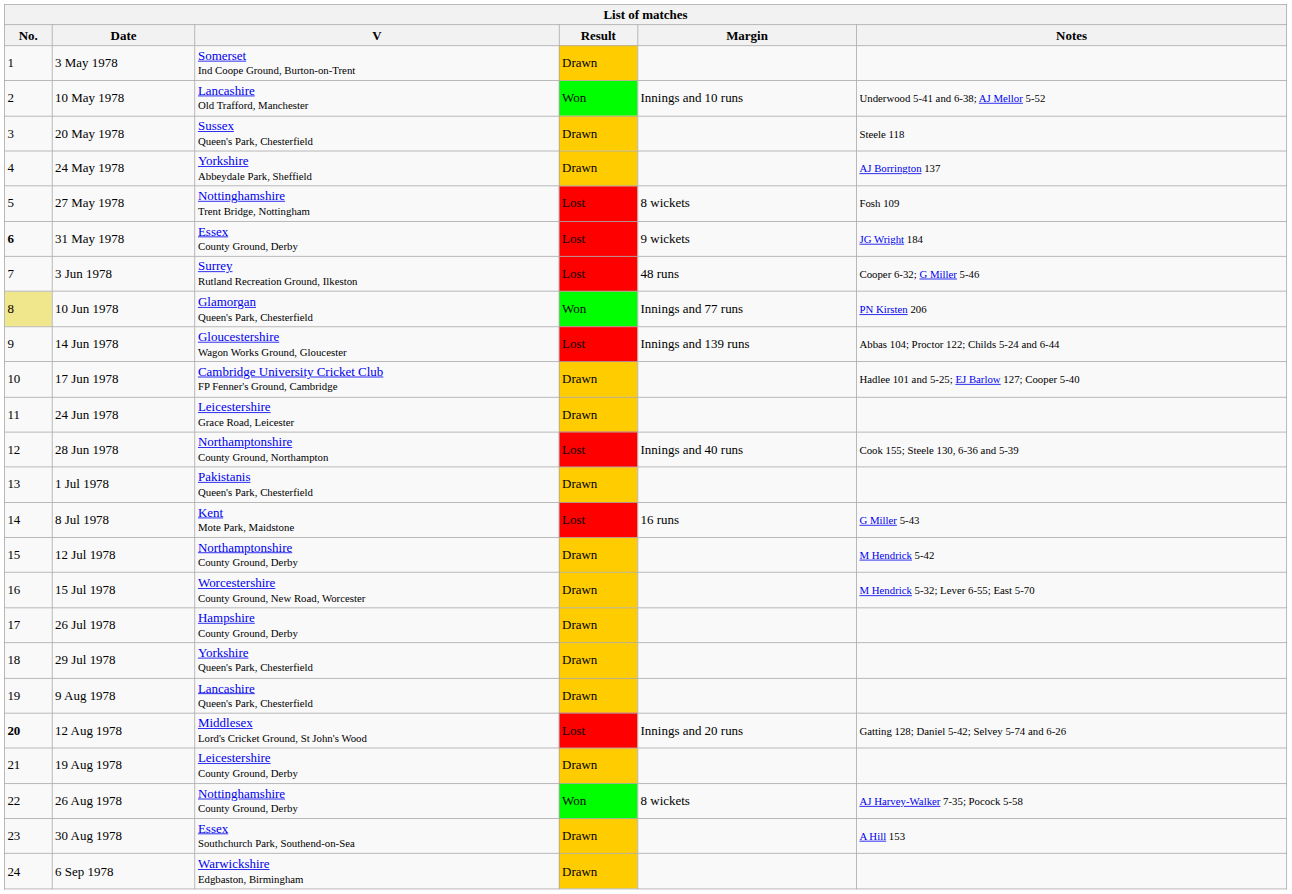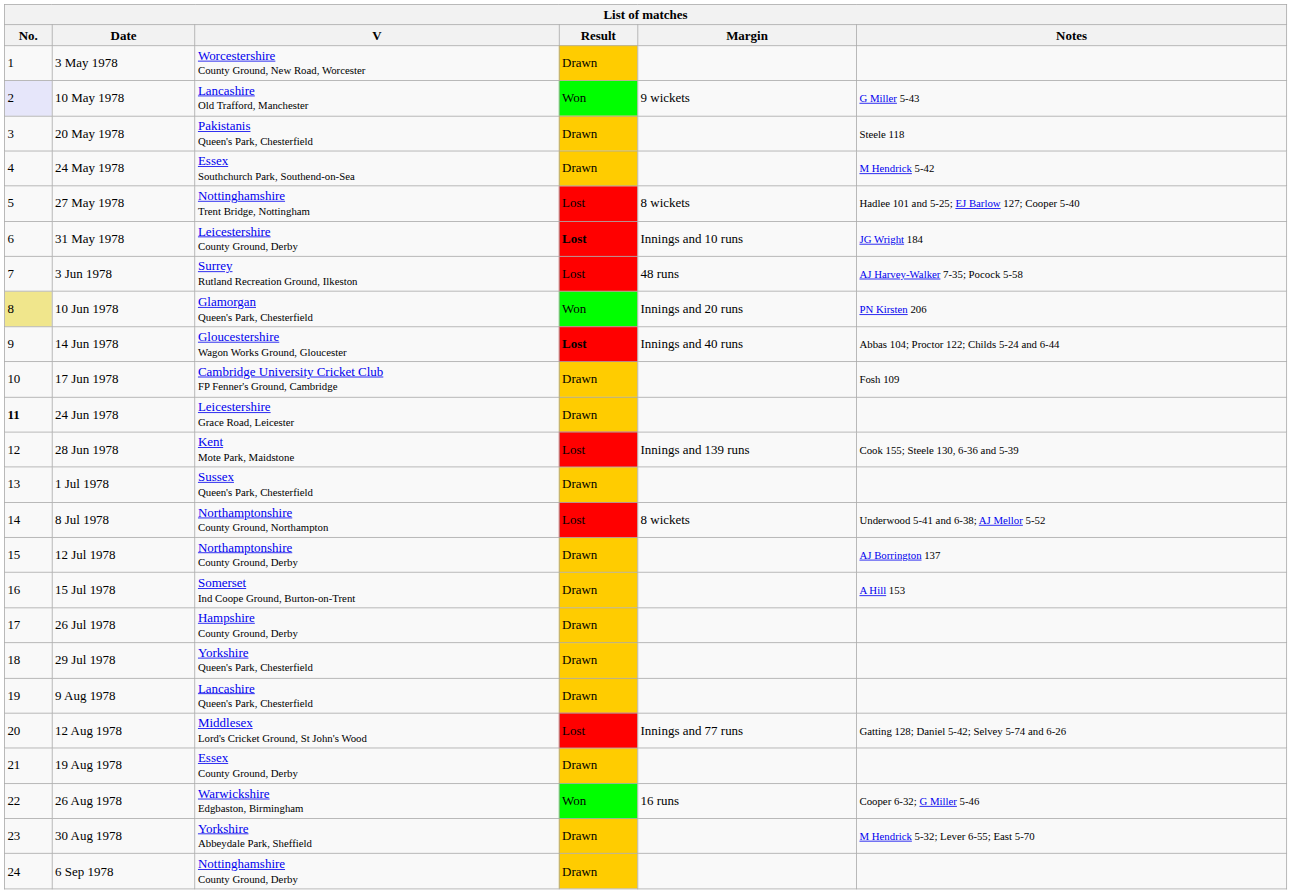 <table class="wikitable" width="100%">
 <tr>
 <th bgcolor="#efefef" colspan=6>List of matches</th>
 </tr>
 <tr bgcolor="#efefef">
 <th>No.</th>
 <th>Date</th>
 <th>V</th>
 <th>Result</th>
 <th>Margin</th>
 <th>Notes</th>
 </tr>
 <tr>
 <td>1</td>
 <td>3 May 1978</td>
-<td><a href='#'>Somerset</a><br><small>Ind Coope Ground, Burton-on-Trent </small></td>
+<td><a href='#'>Worcestershire</a><br><small>County Ground, New Road, Worcester </small></td>
 <td bgcolor="#FFCC00">Drawn</td>
 <td></td>
 <td></td>
 </tr>
 <tr>
-<td>2</td>
+<td style="background: lavender;">2</td>
 <td>10 May 1978</td>
 <td><a href='#'>Lancashire</a> <br><small>Old Trafford, Manchester </small></td>
 <td bgcolor="#00FF00">Won</td>
-<td>Innings and 10 runs</td>
-<td><small>Underwood 5-41 and 6-38; <a href='#'>AJ Mellor</a> 5-52 </small></td>
+<td>9 wickets</td>
+<td><small><a href='#'>G Miller</a> 5-43 </small></td>
 </tr>
 <tr>
 <td>3</td>
 <td>20 May 1978</td>
-<td><a href='#'>Sussex</a> <br><small>Queen's Park, Chesterfield </small></td>
+<td><a href='#'>Pakistanis</a> <br><small>Queen's Park, Chesterfield</small></td>
 <td bgcolor="#FFCC00">Drawn</td>
 <td></td>
 <td><small>Steele 118 </small></td>
 </tr>
 <tr>
 <td>4</td>
 <td>24 May 1978</td>
-<td><a href='#'>Yorkshire</a><br><small>Abbeydale Park, Sheffield </small></td>
+<td><a href='#'>Essex</a> <br><small>Southchurch Park, Southend-on-Sea</small></td>
 <td bgcolor="#FFCC00">Drawn</td>
 <td></td>
-<td><small><a href='#'>AJ Borrington</a> 137 </small></td>
+<td><small><a href='#'>M Hendrick</a> 5-42 </small></td>
 </tr>
 <tr>
 <td>5</td>
 <td>27 May 1978</td>
 <td><a href='#'>Nottinghamshire</a> <br><small>Trent Bridge, Nottingham </small></td>
 <td bgcolor="#FF0000">Lost</td>
 <td>8 wickets</td>
-<td><small>Fosh 109 </small></td>
+<td><small>Hadlee 101 and 5-25; <a href='#'>EJ Barlow</a> 127; Cooper 5-40</small></td>
 </tr>
 <tr>
-<td><strong>6</strong></td>
+<td>6</td>
 <td>31 May 1978</td>
-<td><a href='#'>Essex</a> <br><small>County Ground, Derby </small></td>
-<td bgcolor="#FF0000">Lost</td>
-<td>9 wickets</td>
+<td><a href='#'>Leicestershire</a><br><small>County Ground, Derby </small></td>
+<td bgcolor="#FF0000"><strong>Lost</strong></td>
+<td>Innings and 10 runs</td>
 <td><small><a href='#'>JG Wright</a> 184 </small></td>
 </tr>
 <tr>
 <td>7</td>
 <td>3 Jun 1978</td>
 <td><a href='#'>Surrey</a> <br><small>Rutland Recreation Ground, Ilkeston </small></td>
 <td bgcolor="#FF0000">Lost</td>
 <td>48 runs</td>
-<td><small>Cooper 6-32; <a href='#'>G Miller</a> 5-46 </small></td>
+<td><small><a href='#'>AJ Harvey-Walker</a> 7-35; Pocock 5-58 </small></td>
 </tr>
 <tr>
 <td style="background: khaki;">8</td>
 <td>10 Jun 1978</td>
 <td><a href='#'>Glamorgan</a> <br> <small>Queen's Park, Chesterfield </small></td>
 <td bgcolor="#00FF00">Won</td>
-<td>Innings and 77 runs</td>
+<td>Innings and 20 runs</td>
 <td><small><a href='#'>PN Kirsten</a> 206 </small></td>
 </tr>
 <tr>
 <td>9</td>
 <td>14 Jun 1978</td>
 <td><a href='#'>Gloucestershire</a> <br><small>Wagon Works Ground, Gloucester </small></td>
-<td bgcolor="#FF0000">Lost</td>
-<td>Innings and 139 runs</td>
+<td bgcolor="#FF0000"><strong>Lost</strong></td>
+<td>Innings and 40 runs</td>
 <td><small>Abbas 104; Proctor 122; Childs 5-24 and 6-44 </small></td>
 </tr>
 <tr>
 <td>10</td>
 <td>17 Jun 1978</td>
 <td><a href='#'>Cambridge University Cricket Club</a> <br><small>FP Fenner's Ground, Cambridge </small></td>
 <td bgcolor="#FFCC00">Drawn</td>
 <td></td>
-<td><small>Hadlee 101 and 5-25; <a href='#'>EJ Barlow</a> 127; Cooper 5-40</small></td>
+<td><small>Fosh 109 </small></td>
 </tr>
 <tr>
-<td>11</td>
+<td><strong>11</strong></td>
 <td>24 Jun 1978</td>
 <td><a href='#'>Leicestershire</a><br><small>Grace Road, Leicester </small></td>
 <td bgcolor="#FFCC00">Drawn</td>
 <td></td>
 <td></td>
 </tr>
 <tr>
 <td>12</td>
 <td>28 Jun 1978</td>
-<td><a href='#'>Northamptonshire</a> <br><small>County Ground, Northampton </small></td>
+<td><a href='#'>Kent</a> <br><small>Mote Park, Maidstone</small></td>
 <td bgcolor="#FF0000">Lost</td>
-<td>Innings and 40 runs</td>
+<td>Innings and 139 runs</td>
 <td><small>Cook 155; Steele 130, 6-36 and 5-39 </small></td>
 </tr>
 <tr>
 <td>13</td>
 <td>1 Jul 1978</td>
-<td><a href='#'>Pakistanis</a> <br><small>Queen's Park, Chesterfield</small></td>
+<td><a href='#'>Sussex</a> <br><small>Queen's Park, Chesterfield </small></td>
 <td bgcolor="#FFCC00">Drawn</td>
 <td></td>
 <td></td>
 </tr>
 <tr>
 <td>14</td>
 <td>8 Jul 1978</td>
-<td><a href='#'>Kent</a> <br><small>Mote Park, Maidstone</small></td>
+<td><a href='#'>Northamptonshire</a> <br><small>County Ground, Northampton </small></td>
 <td bgcolor="#FF0000">Lost</td>
-<td>16 runs</td>
-<td><small><a href='#'>G Miller</a> 5-43 </small></td>
+<td>8 wickets</td>
+<td><small>Underwood 5-41 and 6-38; <a href='#'>AJ Mellor</a> 5-52 </small></td>
 </tr>
 <tr>
 <td>15</td>
 <td>12 Jul 1978</td>
 <td><a href='#'>Northamptonshire</a> <br><small>County Ground, Derby </small></td>
 <td bgcolor="#FFCC00">Drawn</td>
 <td></td>
-<td><small><a href='#'>M Hendrick</a> 5-42 </small></td>
+<td><small><a href='#'>AJ Borrington</a> 137 </small></td>
 </tr>
 <tr>
 <td>16</td>
 <td>15 Jul 1978</td>
-<td><a href='#'>Worcestershire</a><br><small>County Ground, New Road, Worcester </small></td>
+<td><a href='#'>Somerset</a><br><small>Ind Coope Ground, Burton-on-Trent </small></td>
 <td bgcolor="#FFCC00">Drawn</td>
 <td></td>
-<td><small><a href='#'>M Hendrick</a> 5-32; Lever 6-55; East 5-70 </small></td>
+<td><small><a href='#'>A Hill</a> 153 </small></td>
 </tr>
 <tr>
 <td>17</td>
 <td>26 Jul 1978</td>
 <td><a href='#'>Hampshire</a><br><small>County Ground, Derby </small></td>
 <td bgcolor="#FFCC00">Drawn</td>
 <td></td>
 <td></td>
 </tr>
 <tr>
 <td>18</td>
 <td>29 Jul 1978</td>
 <td><a href='#'>Yorkshire</a><br><small>Queen's Park, Chesterfield </small></td>
 <td bgcolor="#FFCC00">Drawn</td>
 <td></td>
 <td></td>
 </tr>
 <tr>
 <td>19</td>
 <td>9 Aug 1978</td>
 <td><a href='#'>Lancashire</a> <br><small>Queen's Park, Chesterfield </small></td>
 <td bgcolor="#FFCC00">Drawn</td>
 <td></td>
 <td></td>
 </tr>
 <tr>
-<td><strong>20</strong></td>
+<td>20</td>
 <td>12 Aug 1978</td>
 <td><a href='#'>Middlesex</a> <br><small>Lord's Cricket Ground, St John's Wood </small></td>
 <td bgcolor="#FF0000">Lost</td>
-<td>Innings and 20 runs</td>
+<td>Innings and 77 runs</td>
 <td><small>Gatting 128; Daniel 5-42; Selvey 5-74 and 6-26</small></td>
 </tr>
 <tr>
 <td>21</td>
 <td>19 Aug 1978</td>
-<td><a href='#'>Leicestershire</a><br><small>County Ground, Derby </small></td>
+<td><a href='#'>Essex</a> <br><small>County Ground, Derby </small></td>
 <td bgcolor="#FFCC00">Drawn</td>
 <td></td>
 <td></td>
 </tr>
 <tr>
 <td>22</td>
 <td>26 Aug 1978</td>
-<td><a href='#'>Nottinghamshire</a> <br><small>County Ground, Derby </small></td>
+<td><a href='#'>Warwickshire</a> <br><small>Edgbaston, Birmingham </small></td>
 <td bgcolor="#00FF00">Won</td>
-<td>8 wickets</td>
-<td><small><a href='#'>AJ Harvey-Walker</a> 7-35; Pocock 5-58 </small></td>
+<td>16 runs</td>
+<td><small>Cooper 6-32; <a href='#'>G Miller</a> 5-46 </small></td>
 </tr>
 <tr>
 <td>23</td>
 <td>30 Aug 1978</td>
-<td><a href='#'>Essex</a> <br><small>Southchurch Park, Southend-on-Sea</small></td>
+<td><a href='#'>Yorkshire</a><br><small>Abbeydale Park, Sheffield </small></td>
 <td bgcolor="#FFCC00">Drawn</td>
 <td></td>
-<td><small><a href='#'>A Hill</a> 153 </small></td>
+<td><small><a href='#'>M Hendrick</a> 5-32; Lever 6-55; East 5-70 </small></td>
 </tr>
 <tr>
 <td>24</td>
 <td>6 Sep 1978</td>
-<td><a href='#'>Warwickshire</a> <br><small>Edgbaston, Birmingham </small></td>
+<td><a href='#'>Nottinghamshire</a> <br><small>County Ground, Derby </small></td>
 <td bgcolor="#FFCC00">Drawn</td>
 <td></td>
 <td></td>
 </tr>
 </table>
